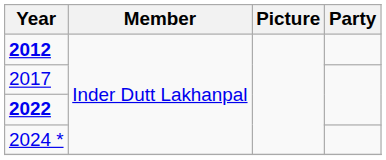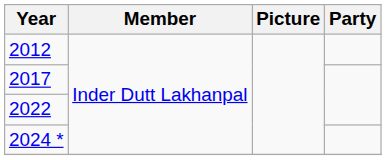 <table class="wikitable sortable">
 <tr>
 <th>Year</th>
 <th>Member</th>
 <th>Picture</th>
 <th colspan="2">Party</th>
 </tr>
 <tr>
-<td><strong><a href='#'>2012</a></strong></td>
+<td><a href='#'>2012</a></td>
 <td rowspan="4"><a href='#'>Inder Dutt Lakhanpal</a></td>
 <td rowspan="4"></td>
 <td></td>
 </tr>
 <tr>
 <td><a href='#'>2017</a></td>
 </tr>
 <tr>
-<td><strong><a href='#'>2022</a></strong></td>
+<td><a href='#'>2022</a></td>
 </tr>
 <tr>
 <td><a href='#'>2024 *</a></td>
 <td></td>
 </tr>
 <tr>
 </tr>
 </table>
